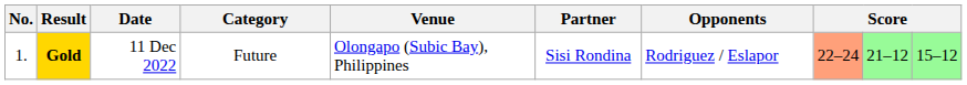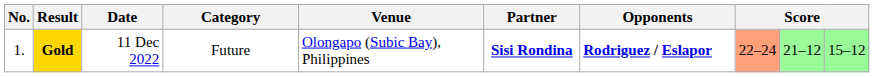 <table class="sortable wikitable" style=font-size:95%>
 <tr>
 <th>No.</th>
 <th>Result</th>
 <th width="75">Date</th>
 <th width="130">Category</th>
 <th width="180">Venue</th>
 <th width="90">Partner</th>
 <th width="150">Opponents</th>
 <th colspan="3">Score</th>
 </tr>
 <tr bgcolor=#ffffff>
 <td align=center>1.</td>
 <td align=center style="background:gold;"><strong>Gold</strong></td>
 <td align=right>11 Dec <a href='#'>2022</a></td>
 <td align=center>Future</td>
 <td> <a href='#'>Olongapo</a> (<a href='#'>Subic Bay</a>), Philippines</td>
-<td align=center><a href='#'>Sisi Rondina</a></td>
-<td> <a href='#'>Rodriguez</a> / <a href='#'>Eslapor</a></td>
+<td align=center><strong><a href='#'>Sisi Rondina</a></strong></td>
+<td><strong> <a href='#'>Rodriguez</a> / <a href='#'>Eslapor</a></strong></td>
 <td bgcolor=ffa07a>22–24</td>
 <td bgcolor=98FB98>21–12</td>
 <td bgcolor=98FB98>15–12</td>
 </tr>
 </table>
